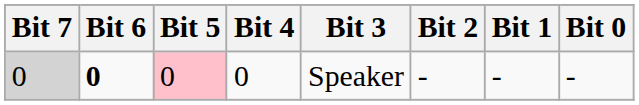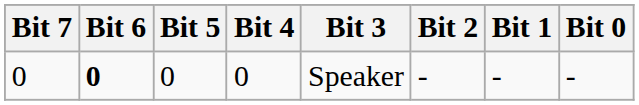 <table class="wikitable">
 <tr>
 <th>Bit 7</th>
 <th>Bit 6</th>
 <th>Bit 5</th>
 <th>Bit 4</th>
 <th>Bit 3</th>
 <th>Bit 2</th>
 <th>Bit 1</th>
 <th>Bit 0</th>
 </tr>
 <tr>
-<td style="background: lightgrey;">0</td>
+<td>0</td>
 <td><strong>0</strong></td>
-<td style="background: pink;">0</td>
+<td>0</td>
 <td>0</td>
 <td>Speaker</td>
 <td>-</td>
 <td>-</td>
 <td>-</td>
 </tr>
 </table>
